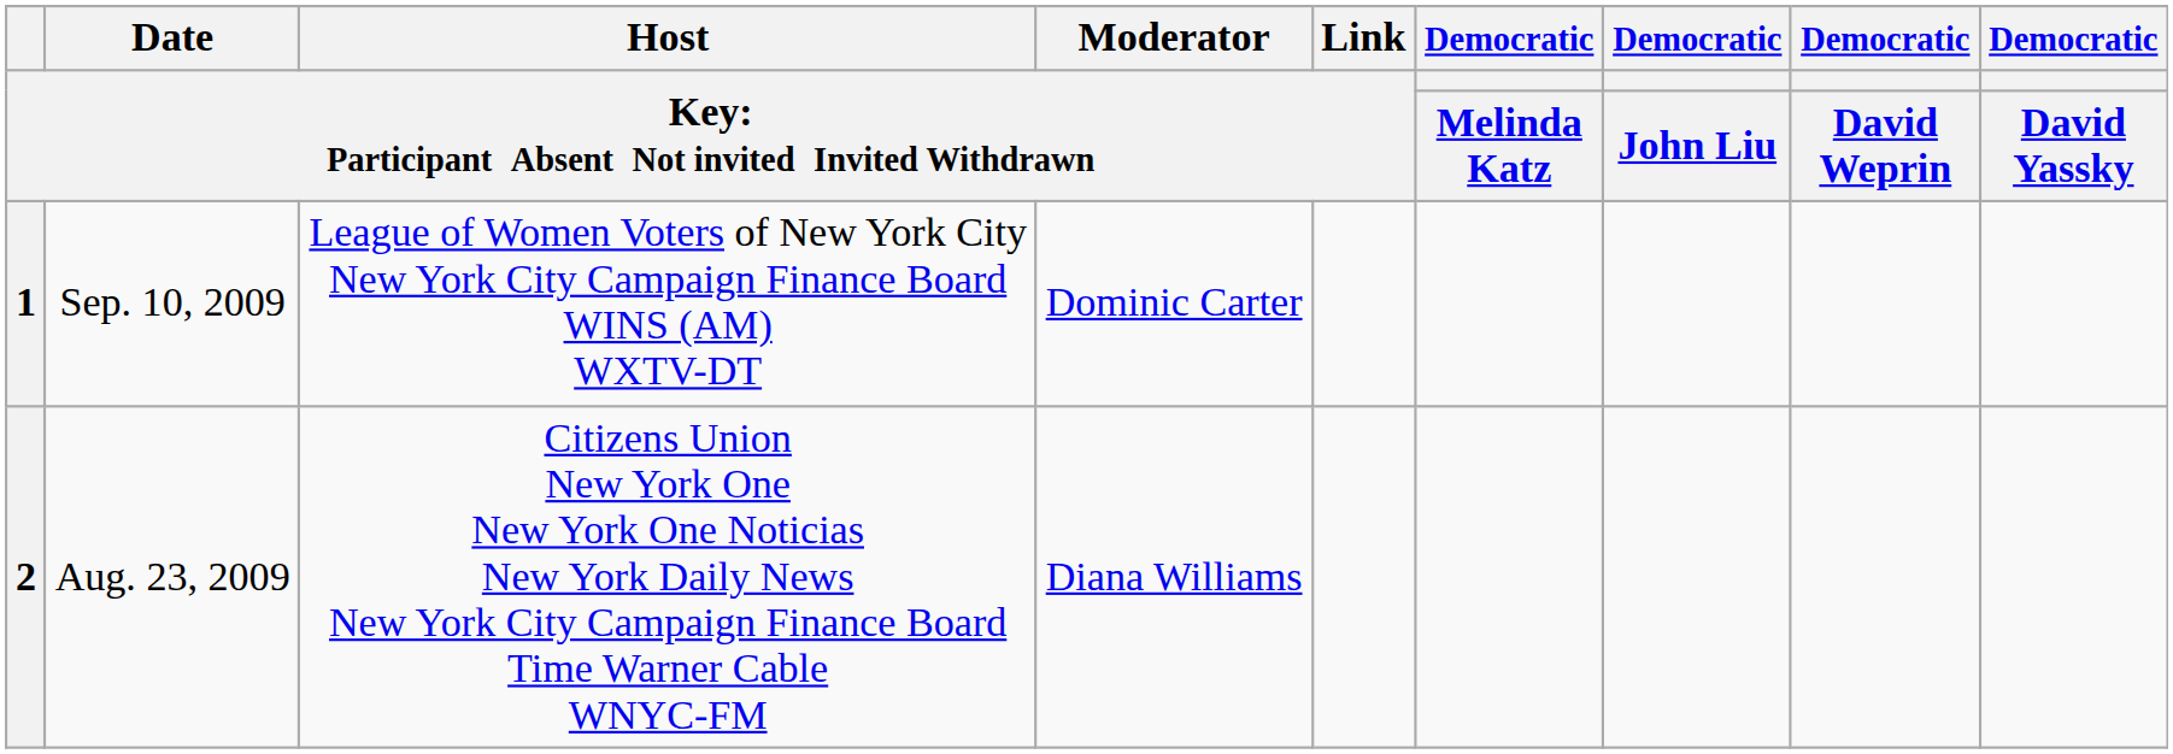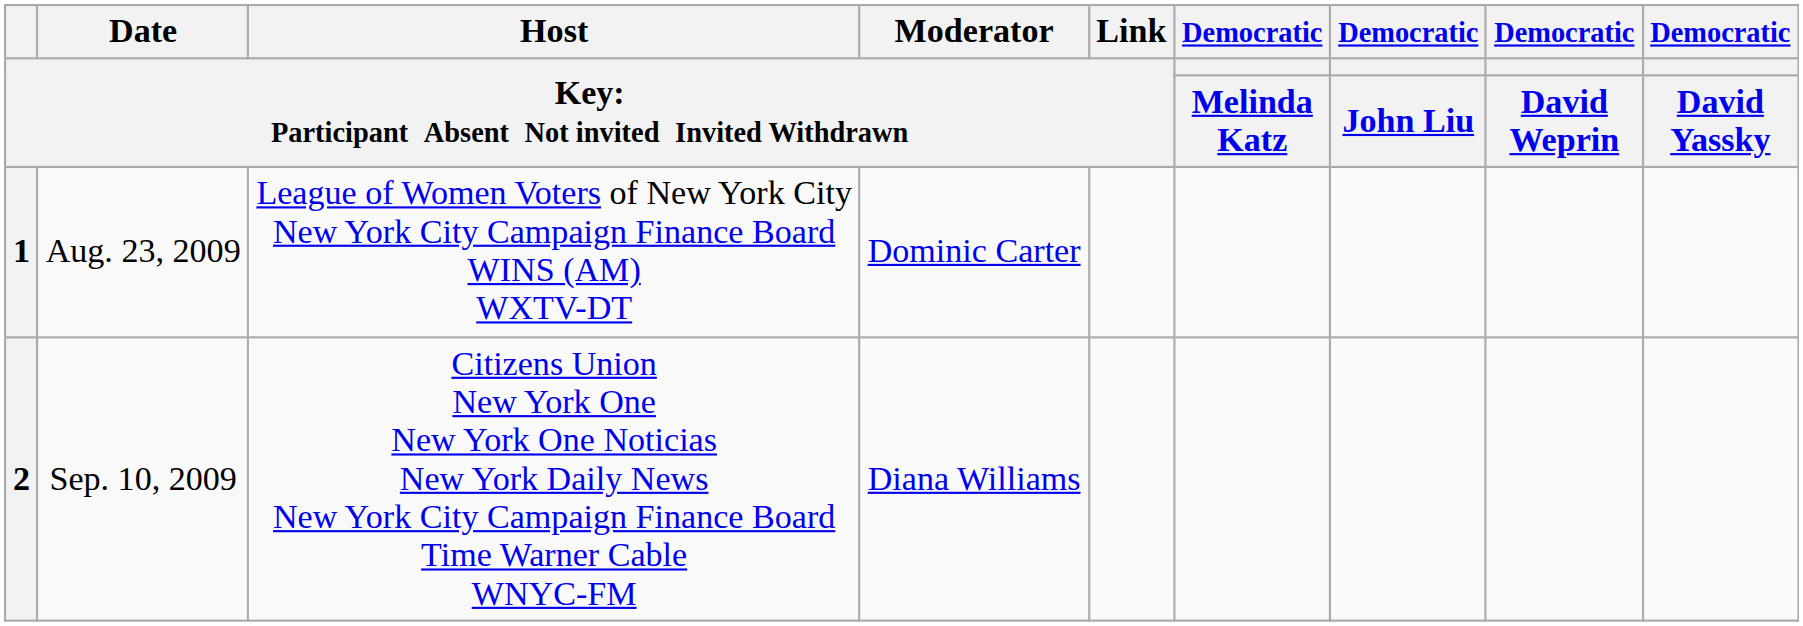 <table class="wikitable" style="text-align:center;">
 <tr>
 <th scope="col"></th>
 <th scope="col">Date</th>
 <th scope="col">Host</th>
 <th scope="col">Moderator</th>
 <th scope="col">Link</th>
 <th scope="col"><small><a href='#'>Democratic</a></small></th>
 <th scope="col"><small><a href='#'>Democratic</a></small></th>
 <th scope="col"><small><a href='#'>Democratic</a></small></th>
 <th scope="col"><small><a href='#'>Democratic</a></small></th>
 </tr>
 <tr>
 <th colspan="5" rowspan="2">Key:<br> <small>Participant </small>  <small>Absent </small>  <small>Not invited </small>  <small>Invited  Withdrawn</small></th>
 <th scope="col" style="background:"></th>
 <th scope="col" style="background:"></th>
 <th scope="col" style="background:"></th>
 <th scope="col" style="background:"></th>
 </tr>
 <tr>
 <th scope="col"><a href='#'>Melinda Katz</a></th>
 <th scope="col"><a href='#'>John Liu</a></th>
 <th scope="col"><a href='#'>David Weprin</a></th>
 <th scope="col"><a href='#'>David Yassky</a></th>
 </tr>
 <tr>
 <th>1</th>
-<td style="white-space:nowrap;">Sep. 10, 2009</td>
+<td style="white-space:nowrap;">Aug. 23, 2009</td>
 <td style="white-space:nowrap;"><a href='#'>League of Women Voters</a> of New York City<br><a href='#'>New York City Campaign Finance Board</a><br><a href='#'>WINS (AM)</a><br><a href='#'>WXTV-DT</a></td>
 <td style="white-space:nowrap;"><a href='#'>Dominic Carter</a></td>
 <td style="white-space:nowrap;"></td>
 <td></td>
 <td></td>
 <td></td>
 <td></td>
 </tr>
 <tr>
 <th>2</th>
-<td style="white-space:nowrap;">Aug. 23, 2009</td>
+<td style="white-space:nowrap;">Sep. 10, 2009</td>
 <td style="white-space:nowrap;"><a href='#'>Citizens Union</a><br><a href='#'>New York One</a><br><a href='#'>New York One Noticias</a><br><a href='#'>New York Daily News</a><br><a href='#'>New York City Campaign Finance Board</a><br><a href='#'>Time Warner Cable</a><br><a href='#'>WNYC-FM</a></td>
 <td style="white-space:nowrap;"><a href='#'>Diana Williams</a></td>
 <td style="white-space:nowrap;"></td>
 <td></td>
 <td></td>
 <td></td>
 <td></td>
 </tr>
 </table>
